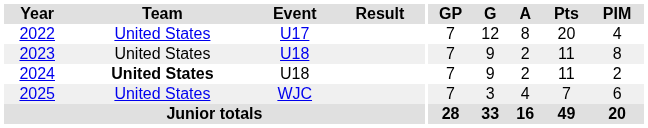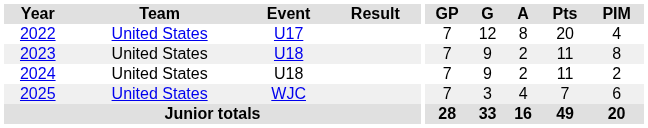 <table border="0" cellpadding="1" cellspacing="0" ID="Table3" style="text-align:center; width:40em;">
 <tr bgcolor="#e0e0e0">
 <th>Year</th>
 <th>Team</th>
 <th>Event</th>
 <th>Result</th>
 <th rowspan="99" bgcolor="#ffffff"></th>
 <th>GP</th>
 <th>G</th>
 <th>A</th>
 <th>Pts</th>
 <th>PIM</th>
 </tr>
 <tr>
 <td><a href='#'>2022</a></td>
 <td><a href='#'>United States</a></td>
 <td><a href='#'>U17</a></td>
 <td></td>
 <td>7</td>
 <td>12</td>
 <td>8</td>
 <td>20</td>
 <td>4</td>
 </tr>
 <tr bgcolor="f0f0f0">
 <td><a href='#'>2023</a></td>
 <td>United States</td>
 <td><a href='#'>U18</a></td>
 <td></td>
 <td>7</td>
 <td>9</td>
 <td>2</td>
 <td>11</td>
 <td>8</td>
 </tr>
 <tr>
 <td><a href='#'>2024</a></td>
-<td><strong>United States</strong></td>
+<td>United States</td>
 <td>U18</td>
 <td></td>
 <td>7</td>
 <td>9</td>
 <td>2</td>
 <td>11</td>
 <td>2</td>
 </tr>
 <tr bgcolor="#f0f0f0">
 <td><a href='#'>2025</a></td>
 <td><a href='#'>United States</a></td>
 <td><a href='#'>WJC</a></td>
 <td></td>
 <td>7</td>
 <td>3</td>
 <td>4</td>
 <td>7</td>
 <td>6</td>
 </tr>
 <tr bgcolor="e0e0e0">
 <th colspan="4">Junior totals</th>
 <th>28</th>
 <th>33</th>
 <th>16</th>
 <th>49</th>
 <th>20</th>
 </tr>
 </table>
